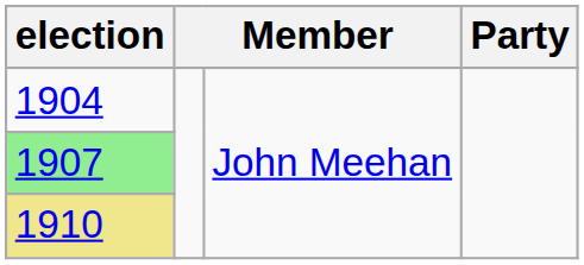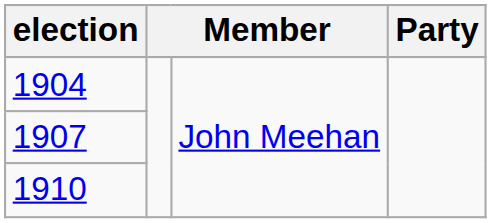 <table class="wikitable">
 <tr>
 <th>election</th>
 <th colspan="2">Member</th>
 <th>Party</th>
 </tr>
 <tr>
 <td><a href='#'>1904</a></td>
 <td rowspan="3" > </td>
 <td rowspan="3"><a href='#'>John Meehan</a></td>
 <td rowspan="3"></td>
 </tr>
 <tr>
-<td style="background: lightgreen;"><a href='#'>1907</a></td>
+<td><a href='#'>1907</a></td>
 </tr>
 <tr>
-<td style="background: khaki;"><a href='#'>1910</a></td>
+<td><a href='#'>1910</a></td>
 </tr>
 </table>
